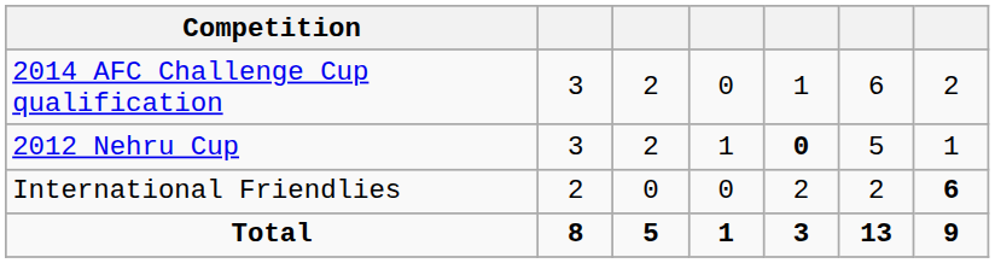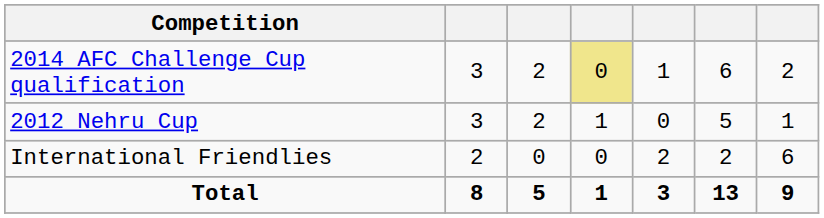 <table class="wikitable" style="text-align: center;">
 <tr>
 <th width=250>Competition</th>
 <th width=30></th>
 <th width=30></th>
 <th width=30></th>
 <th width=30></th>
 <th width=30></th>
 <th width=30></th>
 </tr>
 <tr>
 <td align="left"><a href='#'>2014 AFC Challenge Cup qualification</a></td>
 <td>3</td>
 <td>2</td>
-<td>0</td>
+<td style="background: khaki;">0</td>
 <td>1</td>
 <td>6</td>
 <td>2</td>
 </tr>
 <tr>
 <td align="left"><a href='#'>2012 Nehru Cup</a></td>
 <td>3</td>
 <td>2</td>
 <td>1</td>
-<td><strong>0</strong></td>
+<td>0</td>
 <td>5</td>
 <td>1</td>
 </tr>
 <tr>
 <td align="left">International Friendlies</td>
 <td>2</td>
 <td>0</td>
 <td>0</td>
 <td>2</td>
 <td>2</td>
-<td><strong>6</strong></td>
+<td>6</td>
 </tr>
 <tr>
 <td><strong>Total</strong></td>
 <td><strong>8</strong></td>
 <td><strong>5</strong></td>
 <td><strong>1</strong></td>
 <td><strong>3</strong></td>
 <td><strong>13</strong></td>
 <td><strong>9</strong></td>
 </tr>
 </table>
